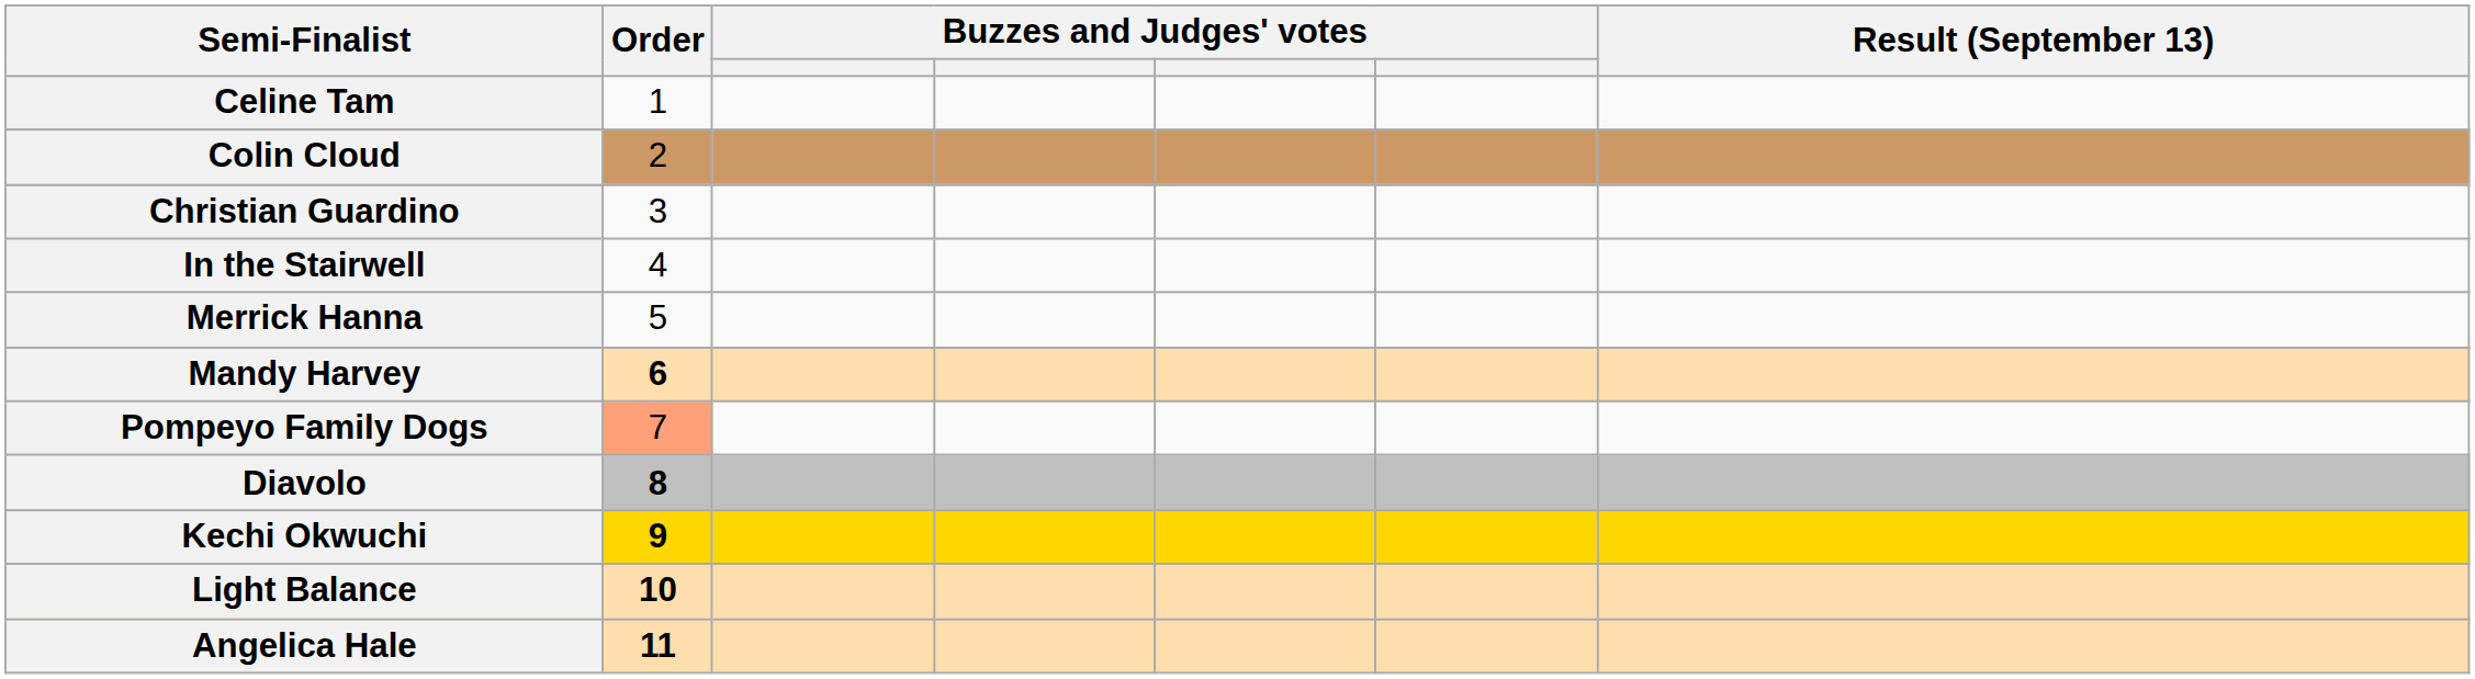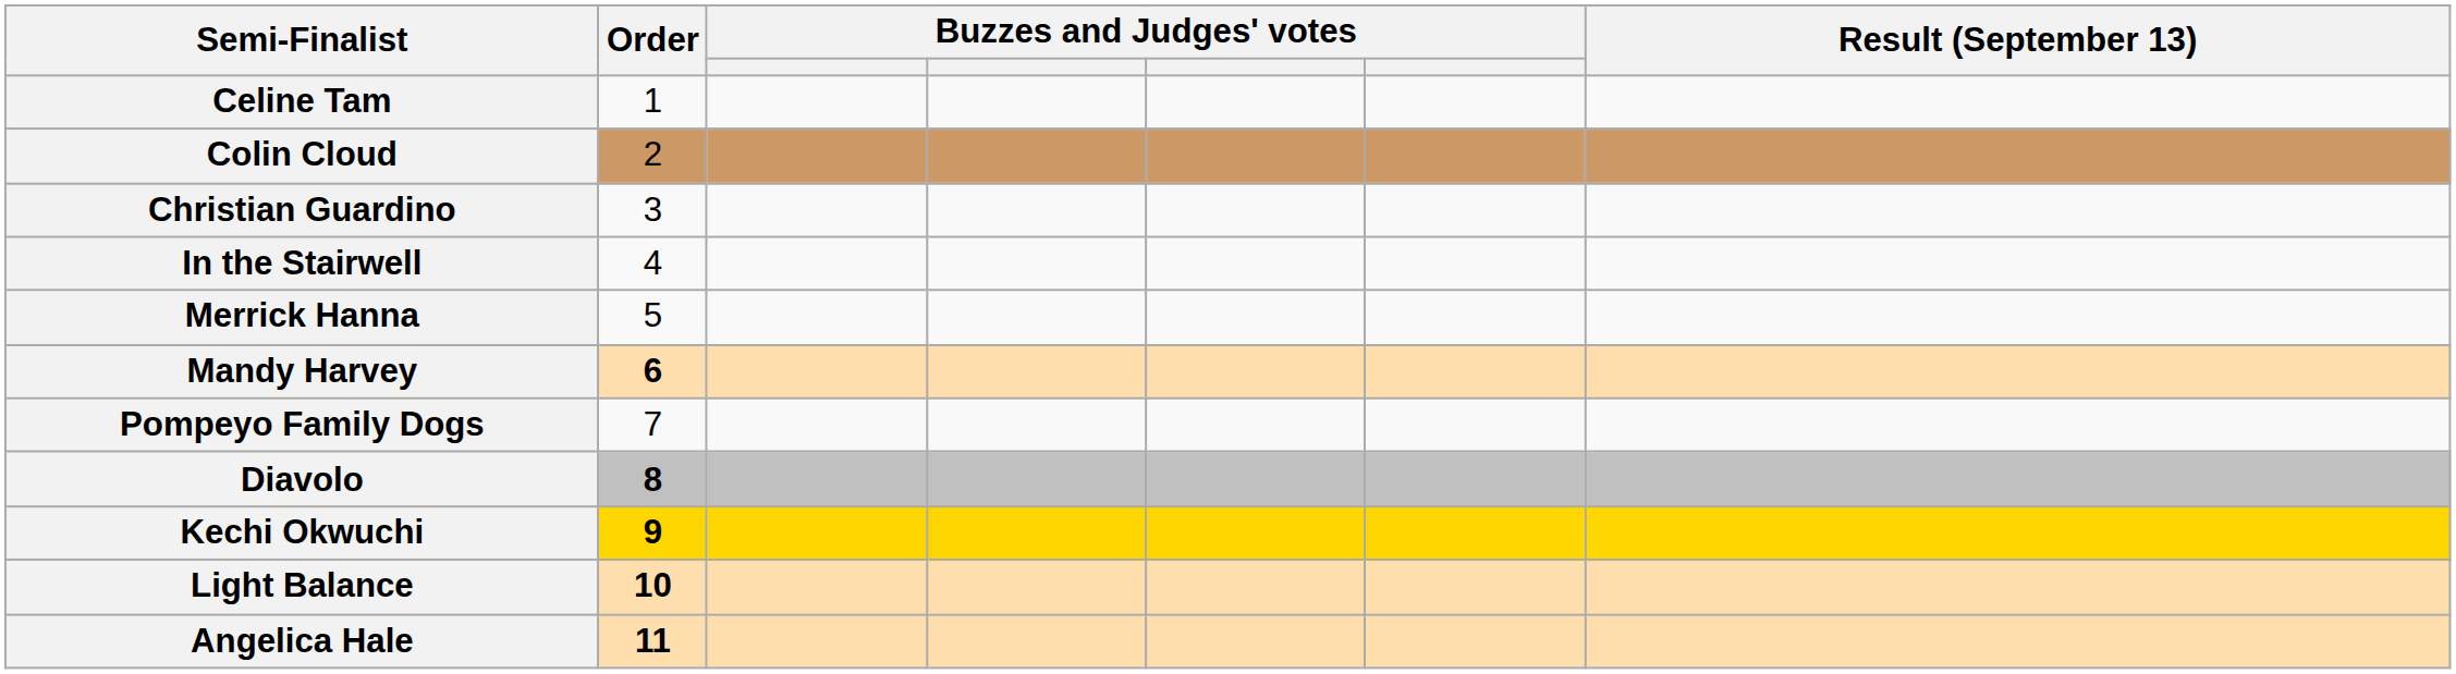 <table class="wikitable plainrowheaders sortable" style="text-align:center;">
 <tr>
 <th scope="col" rowspan="2" class="unsortable" style="width:17em;">Semi-Finalist</th>
 <th scope="col" rowspan="2" style="width:1em;">Order</th>
 <th scope="col" colspan="4" class="unsortable" style="width:24em;">Buzzes and Judges' votes</th>
 <th scope="col" rowspan="2" style="width:25em;">Result (September 13)</th>
 </tr>
 <tr>
 <th scope="col" class="unsortable" style="width:6em;"></th>
 <th scope="col" class="unsortable" style="width:6em;"></th>
 <th scope="col" class="unsortable" style="width:6em;"></th>
 <th scope="col" class="unsortable" style="width:6em;"></th>
 </tr>
 <tr>
 <th scope="row">Celine Tam</th>
 <td>1</td>
 <td style="text-align:center;"></td>
 <td style="text-align:center;"></td>
 <td style="text-align:center;"></td>
 <td style="text-align:center;"></td>
 <td></td>
 </tr>
 <tr style="background:#c96;">
 <th scope="row">Colin Cloud</th>
 <td>2</td>
 <td style="text-align:center;"></td>
 <td style="text-align:center;"></td>
 <td style="text-align:center;"></td>
 <td style="text-align:center;"></td>
 <td></td>
 </tr>
 <tr>
 <th scope="row">Christian Guardino</th>
 <td>3</td>
 <td style="text-align:center;"></td>
 <td style="text-align:center;"></td>
 <td style="text-align:center;"></td>
 <td style="text-align:center;"></td>
 <td></td>
 </tr>
 <tr>
 <th scope="row">In the Stairwell</th>
 <td>4</td>
 <td style="text-align:center;"></td>
 <td style="text-align:center;"></td>
 <td style="text-align:center;"></td>
 <td style="text-align:center;"></td>
 <td></td>
 </tr>
 <tr>
 <th scope="row">Merrick Hanna</th>
 <td>5</td>
 <td style="text-align:center;"></td>
 <td style="text-align:center;"></td>
 <td style="text-align:center;"></td>
 <td style="text-align:center;"></td>
 <td></td>
 </tr>
 <tr style="background:NavajoWhite;">
 <th scope="row"><strong>Mandy Harvey</strong></th>
 <td><strong>6</strong></td>
 <td style="text-align:center;"></td>
 <td style="text-align:center;"></td>
 <td style="text-align:center;"></td>
 <td style="text-align:center;"></td>
 <td><strong></strong></td>
 </tr>
 <tr>
 <th scope="row">Pompeyo Family Dogs</th>
-<td style="background: lightsalmon;">7</td>
+<td>7</td>
 <td style="text-align:center;"></td>
 <td style="text-align:center;"></td>
 <td style="text-align:center;"></td>
 <td style="text-align:center;"></td>
 <td></td>
 </tr>
 <tr style="background:silver;">
 <th scope="row"><strong>Diavolo</strong></th>
 <td><strong>8</strong></td>
 <td style="text-align:center;"></td>
 <td style="text-align:center;"></td>
 <td style="text-align:center;"></td>
 <td style="text-align:center;"></td>
 <td><strong></strong></td>
 </tr>
 <tr style="background:gold;">
 <th scope="row"><strong>Kechi Okwuchi</strong></th>
 <td><strong>9</strong></td>
 <td style="text-align:center;"></td>
 <td style="text-align:center;"></td>
 <td style="text-align:center;"></td>
 <td style="text-align:center;"></td>
 <td><strong></strong></td>
 </tr>
 <tr style="background:NavajoWhite;">
 <th scope="row"><strong>Light Balance</strong></th>
 <td><strong>10</strong></td>
 <td style="text-align:center;"></td>
 <td style="text-align:center;"></td>
 <td style="text-align:center;"></td>
 <td style="text-align:center;"></td>
 <td><strong></strong></td>
 </tr>
 <tr style="background:NavajoWhite;">
 <th scope="row"><strong>Angelica Hale</strong></th>
 <td><strong>11</strong></td>
 <td style="text-align:center;"></td>
 <td style="text-align:center;"></td>
 <td style="text-align:center;"></td>
 <td style="text-align:center;"></td>
 <td><strong></strong></td>
 </tr>
 </table>
